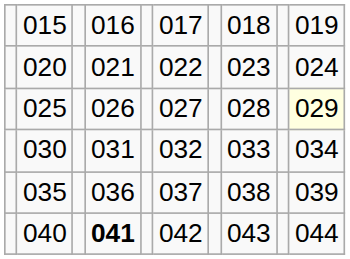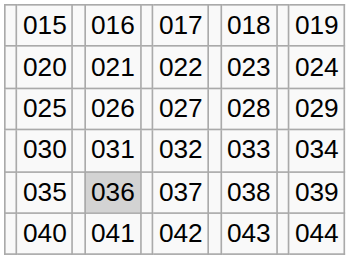 <table class="wikitable" style="text-align:center">
 <tr>
 <td></td>
 <td>015<br><big></big></td>
 <td></td>
 <td>016<br><big></big></td>
 <td></td>
 <td>017<br><big></big></td>
 <td></td>
 <td>018<br><big></big></td>
 <td></td>
 <td>019<br><big></big></td>
 </tr>
 <tr>
 <td></td>
 <td>020<br><big></big></td>
 <td></td>
 <td>021<br><big></big></td>
 <td></td>
 <td>022<br><big></big></td>
 <td></td>
 <td>023<br><big></big></td>
 <td></td>
 <td>024<br><big></big></td>
 </tr>
 <tr>
 <td></td>
 <td>025<br><big></big></td>
 <td></td>
 <td>026<br><big></big></td>
 <td></td>
 <td>027<br><big></big></td>
 <td></td>
 <td>028<br><big></big></td>
 <td></td>
-<td style="background: lightyellow;">029<br><big></big></td>
+<td>029<br><big></big></td>
 </tr>
 <tr>
 <td></td>
 <td>030<br><big></big></td>
 <td></td>
 <td>031<br><big></big></td>
 <td></td>
 <td>032<br><big></big></td>
 <td></td>
 <td>033<br><big></big></td>
 <td></td>
 <td>034<br><big></big></td>
 </tr>
 <tr>
 <td></td>
 <td>035<br><big></big></td>
 <td></td>
-<td>036<br><big></big></td>
+<td style="background: lightgrey;">036<br><big></big></td>
 <td></td>
 <td>037<br><big></big></td>
 <td></td>
 <td>038<br><big></big></td>
 <td></td>
 <td>039<br><big></big></td>
 </tr>
 <tr>
 <td></td>
 <td>040<br><big></big></td>
 <td></td>
-<td><strong>041<br><big></big></strong></td>
+<td>041<br><big></big></td>
 <td></td>
 <td>042<br><big></big></td>
 <td></td>
 <td>043<br><big></big></td>
 <td></td>
 <td>044<br><big></big></td>
 </tr>
 </table>
